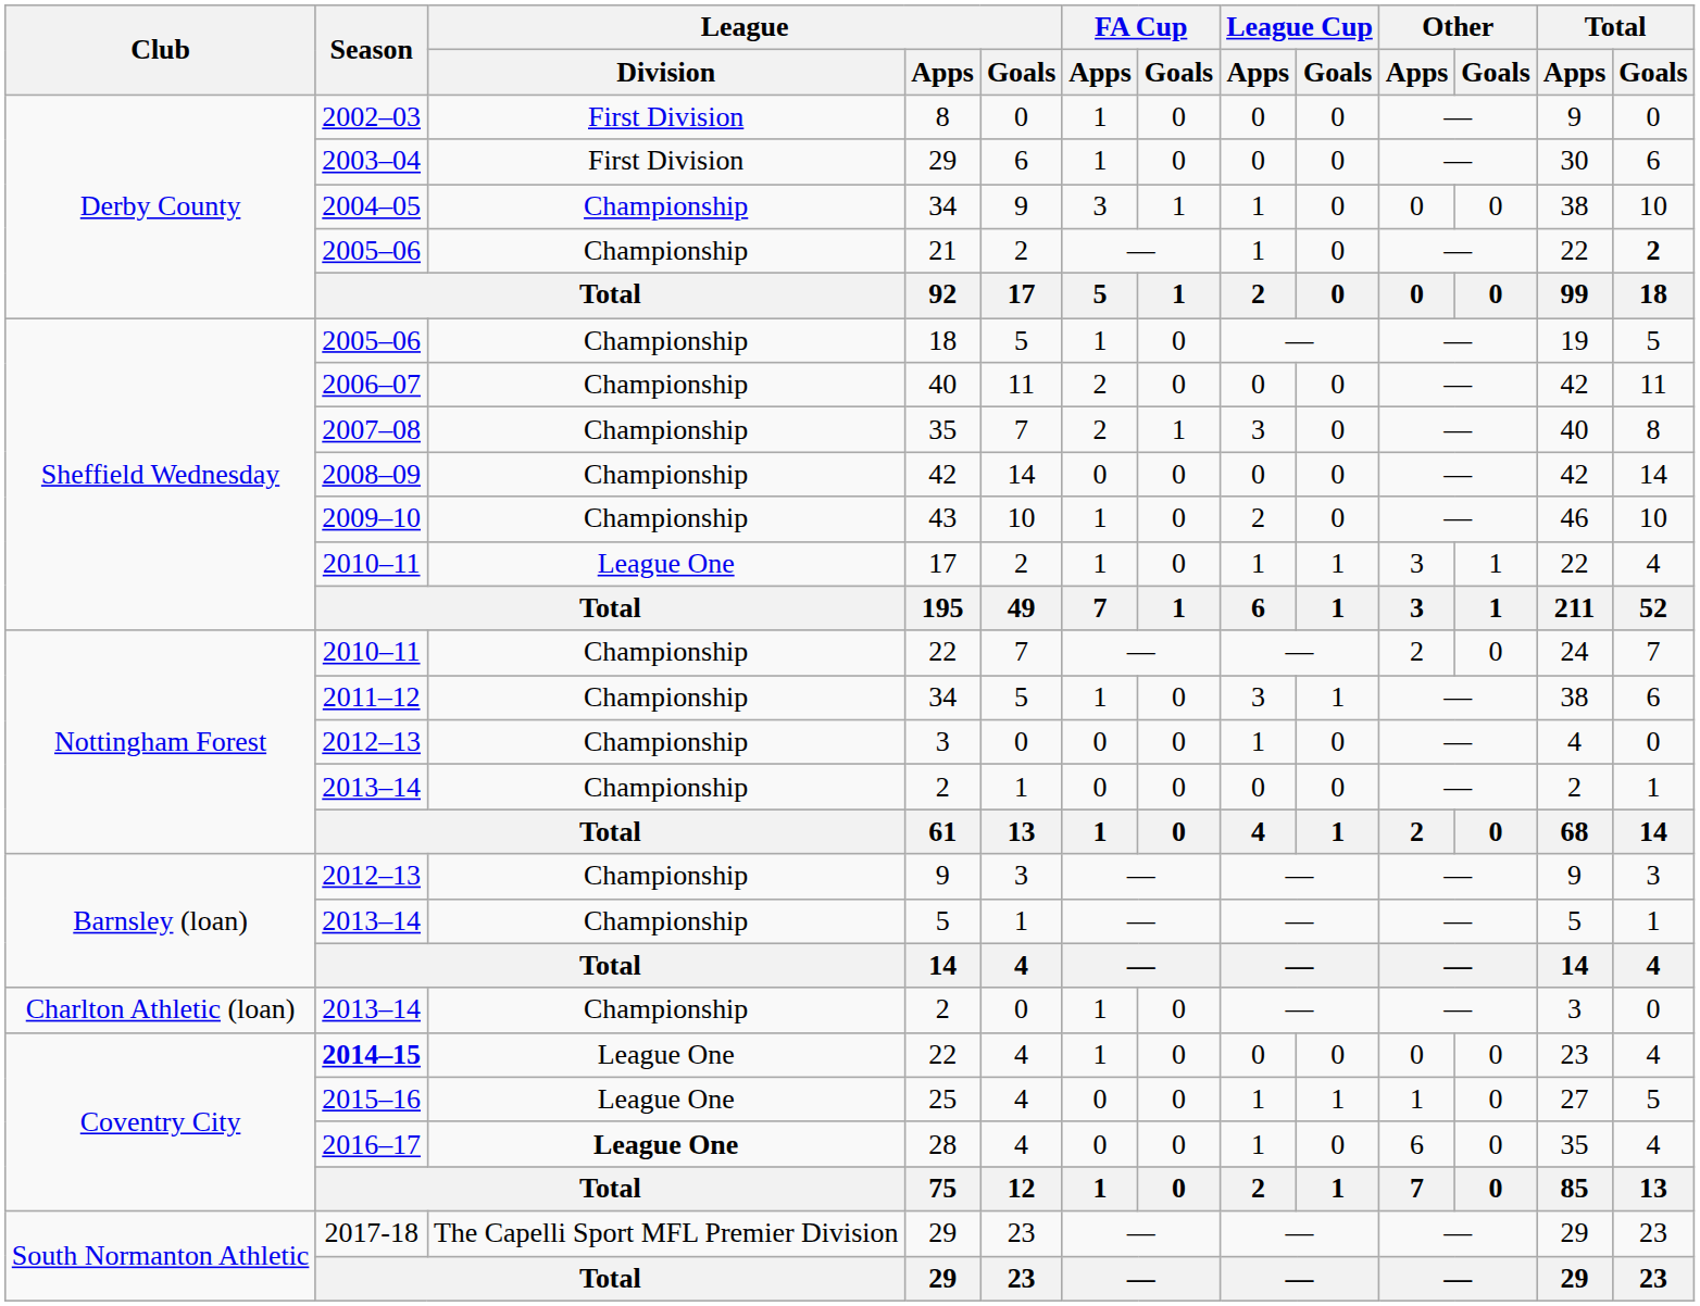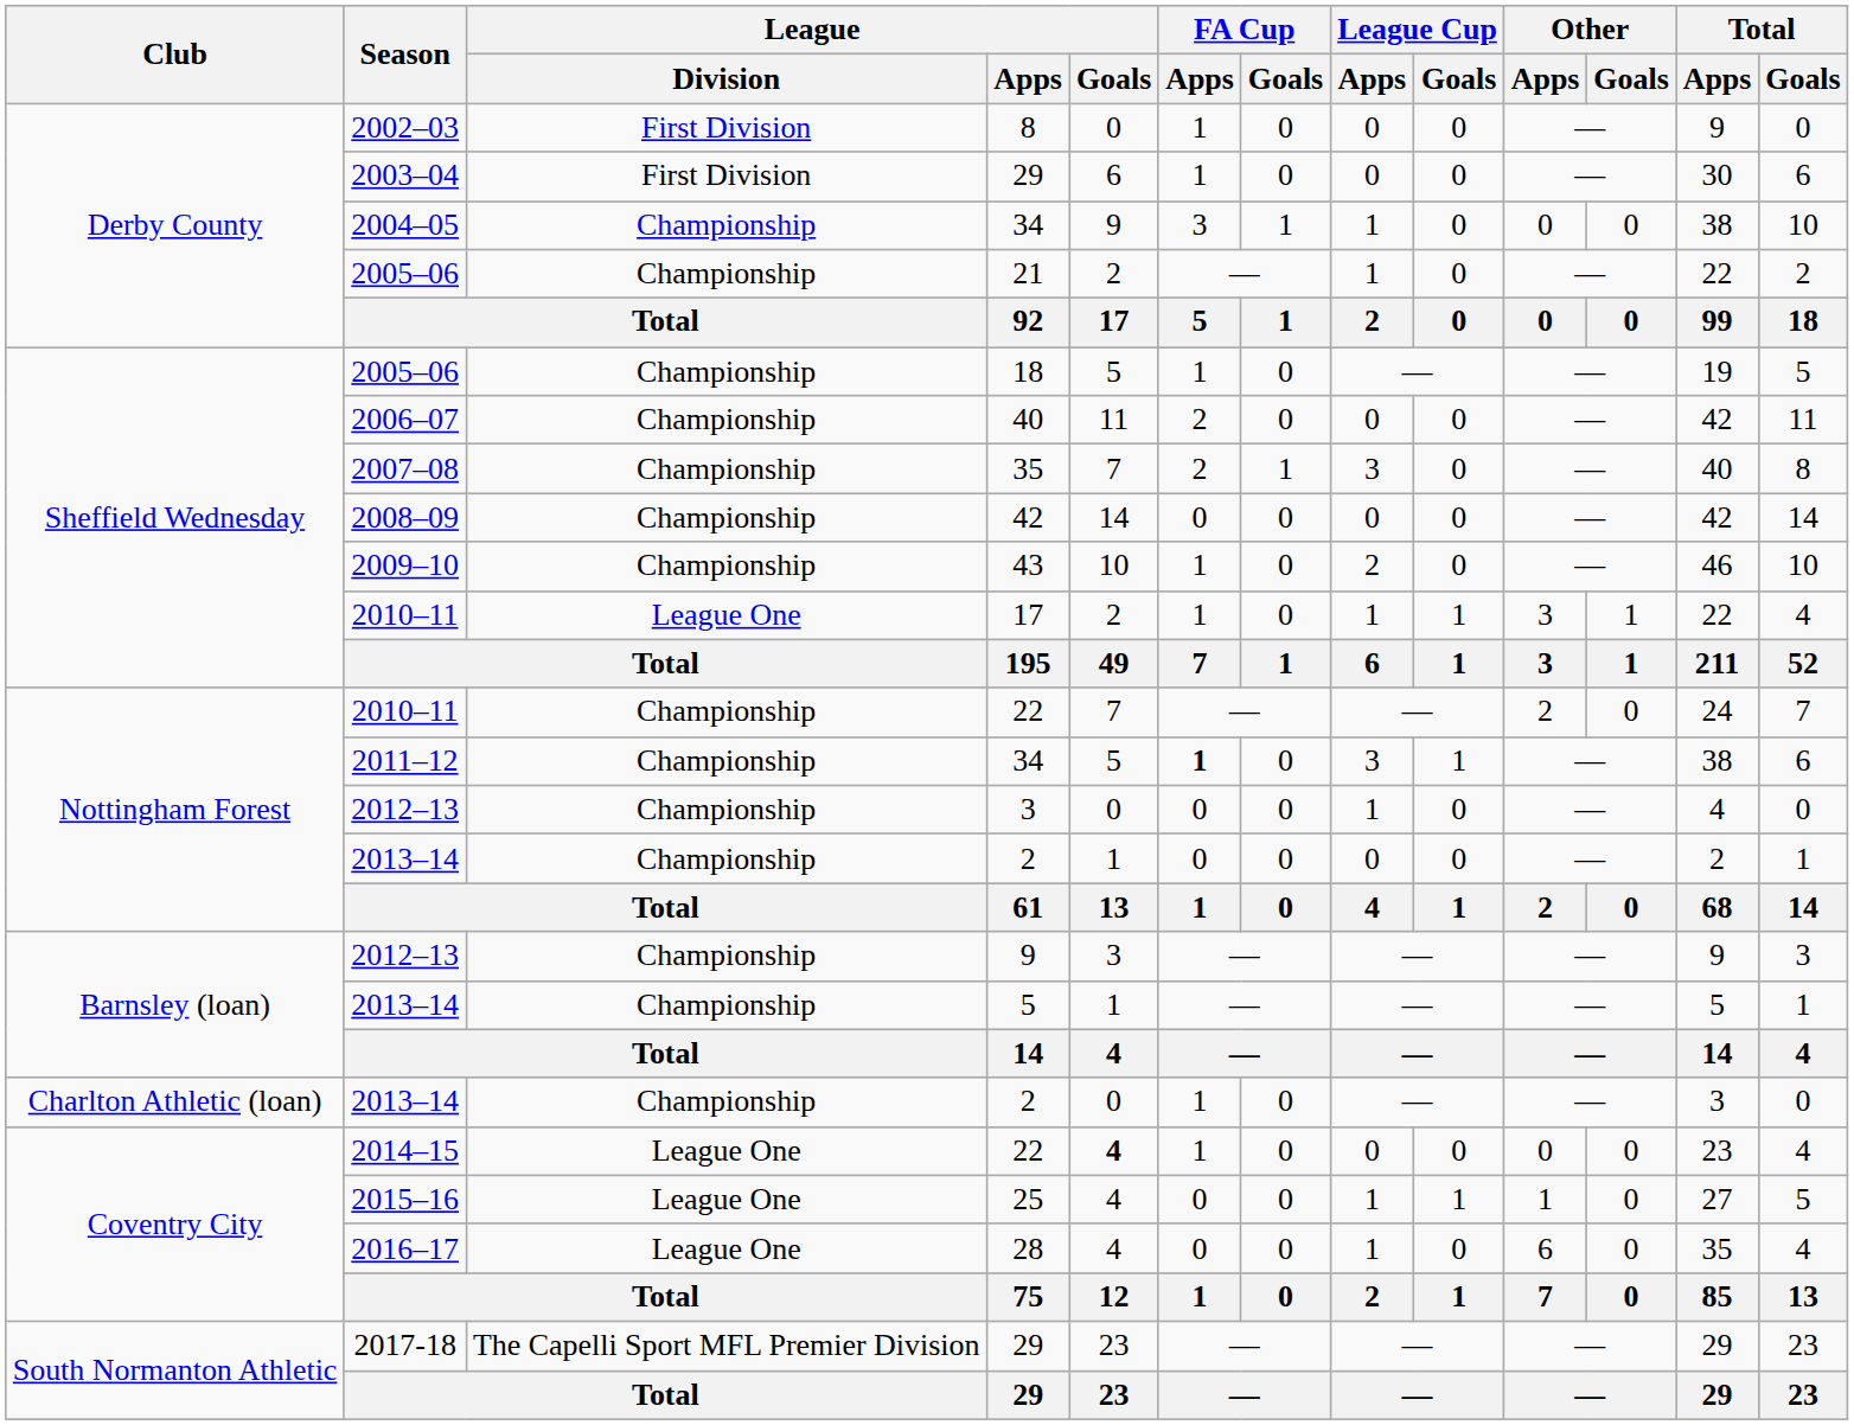 <table class=wikitable style=text-align:center>
 <tr>
 <th rowspan=2>Club</th>
 <th rowspan=2>Season</th>
 <th colspan=3>League</th>
 <th colspan=2><a href='#'>FA Cup</a></th>
 <th colspan=2><a href='#'>League Cup</a></th>
 <th colspan=2>Other</th>
 <th colspan=2>Total</th>
 </tr>
 <tr>
 <th>Division</th>
 <th>Apps</th>
 <th>Goals</th>
 <th>Apps</th>
 <th>Goals</th>
 <th>Apps</th>
 <th>Goals</th>
 <th>Apps</th>
 <th>Goals</th>
 <th>Apps</th>
 <th>Goals</th>
 </tr>
 <tr>
 <td rowspan=5><a href='#'>Derby County</a></td>
 <td><a href='#'>2002–03</a></td>
 <td><a href='#'>First Division</a></td>
 <td>8</td>
 <td>0</td>
 <td>1</td>
 <td>0</td>
 <td>0</td>
 <td>0</td>
 <td colspan=2>—</td>
 <td>9</td>
 <td>0</td>
 </tr>
 <tr>
 <td><a href='#'>2003–04</a></td>
 <td>First Division</td>
 <td>29</td>
 <td>6</td>
 <td>1</td>
 <td>0</td>
 <td>0</td>
 <td>0</td>
 <td colspan=2>—</td>
 <td>30</td>
 <td>6</td>
 </tr>
 <tr>
 <td><a href='#'>2004–05</a></td>
 <td><a href='#'>Championship</a></td>
 <td>34</td>
 <td>9</td>
 <td>3</td>
 <td>1</td>
 <td>1</td>
 <td>0</td>
 <td>0</td>
 <td>0</td>
 <td>38</td>
 <td>10</td>
 </tr>
 <tr>
 <td><a href='#'>2005–06</a></td>
 <td>Championship</td>
 <td>21</td>
 <td>2</td>
 <td colspan=2>—</td>
 <td>1</td>
 <td>0</td>
 <td colspan=2>—</td>
 <td>22</td>
-<td><strong>2</strong></td>
+<td>2</td>
 </tr>
 <tr>
 <th colspan=2>Total</th>
 <th>92</th>
 <th>17</th>
 <th>5</th>
 <th>1</th>
 <th>2</th>
 <th>0</th>
 <th>0</th>
 <th>0</th>
 <th>99</th>
 <th>18</th>
 </tr>
 <tr>
 <td rowspan=7><a href='#'>Sheffield Wednesday</a></td>
 <td><a href='#'>2005–06</a></td>
 <td>Championship</td>
 <td>18</td>
 <td>5</td>
 <td>1</td>
 <td>0</td>
 <td colspan=2>—</td>
 <td colspan=2>—</td>
 <td>19</td>
 <td>5</td>
 </tr>
 <tr>
 <td><a href='#'>2006–07</a></td>
 <td>Championship</td>
 <td>40</td>
 <td>11</td>
 <td>2</td>
 <td>0</td>
 <td>0</td>
 <td>0</td>
 <td colspan=2>—</td>
 <td>42</td>
 <td>11</td>
 </tr>
 <tr>
 <td><a href='#'>2007–08</a></td>
 <td>Championship</td>
 <td>35</td>
 <td>7</td>
 <td>2</td>
 <td>1</td>
 <td>3</td>
 <td>0</td>
 <td colspan=2>—</td>
 <td>40</td>
 <td>8</td>
 </tr>
 <tr>
 <td><a href='#'>2008–09</a></td>
 <td>Championship</td>
 <td>42</td>
 <td>14</td>
 <td>0</td>
 <td>0</td>
 <td>0</td>
 <td>0</td>
 <td colspan=2>—</td>
 <td>42</td>
 <td>14</td>
 </tr>
 <tr>
 <td><a href='#'>2009–10</a></td>
 <td>Championship</td>
 <td>43</td>
 <td>10</td>
 <td>1</td>
 <td>0</td>
 <td>2</td>
 <td>0</td>
 <td colspan=2>—</td>
 <td>46</td>
 <td>10</td>
 </tr>
 <tr>
 <td><a href='#'>2010–11</a></td>
 <td><a href='#'>League One</a></td>
 <td>17</td>
 <td>2</td>
 <td>1</td>
 <td>0</td>
 <td>1</td>
 <td>1</td>
 <td>3</td>
 <td>1</td>
 <td>22</td>
 <td>4</td>
 </tr>
 <tr>
 <th colspan=2>Total</th>
 <th>195</th>
 <th>49</th>
 <th>7</th>
 <th>1</th>
 <th>6</th>
 <th>1</th>
 <th>3</th>
 <th>1</th>
 <th>211</th>
 <th>52</th>
 </tr>
 <tr>
 <td rowspan=5><a href='#'>Nottingham Forest</a></td>
 <td><a href='#'>2010–11</a></td>
 <td>Championship</td>
 <td>22</td>
 <td>7</td>
 <td colspan=2>—</td>
 <td colspan=2>—</td>
 <td>2</td>
 <td>0</td>
 <td>24</td>
 <td>7</td>
 </tr>
 <tr>
 <td><a href='#'>2011–12</a></td>
 <td>Championship</td>
 <td>34</td>
 <td>5</td>
-<td>1</td>
+<td><strong>1</strong></td>
 <td>0</td>
 <td>3</td>
 <td>1</td>
 <td colspan=2>—</td>
 <td>38</td>
 <td>6</td>
 </tr>
 <tr>
 <td><a href='#'>2012–13</a></td>
 <td>Championship</td>
 <td>3</td>
 <td>0</td>
 <td>0</td>
 <td>0</td>
 <td>1</td>
 <td>0</td>
 <td colspan=2>—</td>
 <td>4</td>
 <td>0</td>
 </tr>
 <tr>
 <td><a href='#'>2013–14</a></td>
 <td>Championship</td>
 <td>2</td>
 <td>1</td>
 <td>0</td>
 <td>0</td>
 <td>0</td>
 <td>0</td>
 <td colspan=2>—</td>
 <td>2</td>
 <td>1</td>
 </tr>
 <tr>
 <th colspan=2>Total</th>
 <th>61</th>
 <th>13</th>
 <th>1</th>
 <th>0</th>
 <th>4</th>
 <th>1</th>
 <th>2</th>
 <th>0</th>
 <th>68</th>
 <th>14</th>
 </tr>
 <tr>
 <td rowspan=3><a href='#'>Barnsley</a> (loan)</td>
 <td><a href='#'>2012–13</a></td>
 <td>Championship</td>
 <td>9</td>
 <td>3</td>
 <td colspan=2>—</td>
 <td colspan=2>—</td>
 <td colspan=2>—</td>
 <td>9</td>
 <td>3</td>
 </tr>
 <tr>
 <td><a href='#'>2013–14</a></td>
 <td>Championship</td>
 <td>5</td>
 <td>1</td>
 <td colspan=2>—</td>
 <td colspan=2>—</td>
 <td colspan=2>—</td>
 <td>5</td>
 <td>1</td>
 </tr>
 <tr>
 <th colspan=2>Total</th>
 <th>14</th>
 <th>4</th>
 <th colspan=2>—</th>
 <th colspan=2>—</th>
 <th colspan=2>—</th>
 <th>14</th>
 <th>4</th>
 </tr>
 <tr>
 <td><a href='#'>Charlton Athletic</a> (loan)</td>
 <td><a href='#'>2013–14</a></td>
 <td>Championship</td>
 <td>2</td>
 <td>0</td>
 <td>1</td>
 <td>0</td>
 <td colspan=2>—</td>
 <td colspan=2>—</td>
 <td>3</td>
 <td>0</td>
 </tr>
 <tr>
 <td rowspan=4><a href='#'>Coventry City</a></td>
-<td><strong><a href='#'>2014–15</a></strong></td>
+<td><a href='#'>2014–15</a></td>
 <td>League One</td>
 <td>22</td>
-<td>4</td>
+<td><strong>4</strong></td>
 <td>1</td>
 <td>0</td>
 <td>0</td>
 <td>0</td>
 <td>0</td>
 <td>0</td>
 <td>23</td>
 <td>4</td>
 </tr>
 <tr>
 <td><a href='#'>2015–16</a></td>
 <td>League One</td>
 <td>25</td>
 <td>4</td>
 <td>0</td>
 <td>0</td>
 <td>1</td>
 <td>1</td>
 <td>1</td>
 <td>0</td>
 <td>27</td>
 <td>5</td>
 </tr>
 <tr>
 <td><a href='#'>2016–17</a></td>
-<td><strong>League One</strong></td>
+<td>League One</td>
 <td>28</td>
 <td>4</td>
 <td>0</td>
 <td>0</td>
 <td>1</td>
 <td>0</td>
 <td>6</td>
 <td>0</td>
 <td>35</td>
 <td>4</td>
 </tr>
 <tr>
 <th colspan=2>Total</th>
 <th>75</th>
 <th>12</th>
 <th>1</th>
 <th>0</th>
 <th>2</th>
 <th>1</th>
 <th>7</th>
 <th>0</th>
 <th>85</th>
 <th>13</th>
 </tr>
 <tr>
 <td rowspan="2"><a href='#'>South Normanton Athletic</a></td>
 <td>2017-18</td>
 <td>The Capelli Sport MFL Premier Division</td>
 <td>29</td>
 <td>23</td>
 <td colspan="2">—</td>
 <td colspan="2">—</td>
 <td colspan="2">—</td>
 <td>29</td>
 <td>23</td>
 </tr>
 <tr>
 <th colspan="2">Total</th>
 <th>29</th>
 <th>23</th>
 <th colspan="2">—</th>
 <th colspan="2">—</th>
 <th colspan="2">—</th>
 <th>29</th>
 <th>23</th>
 </tr>
 </table>
